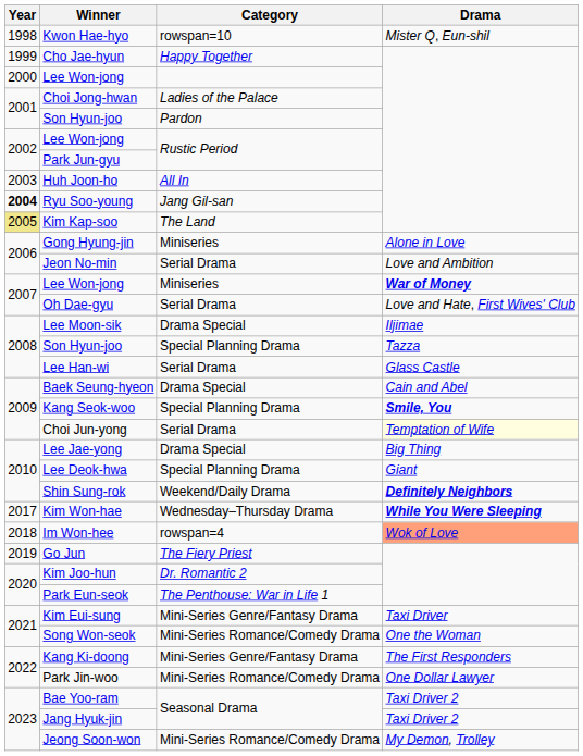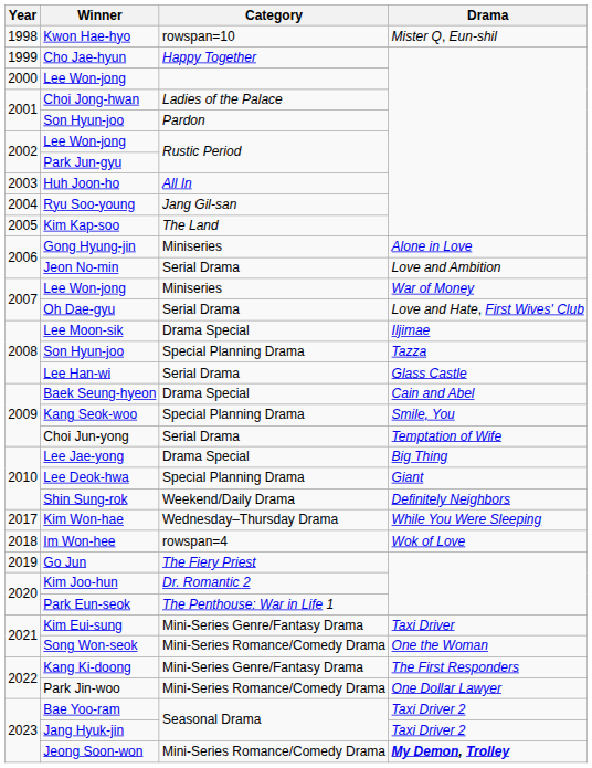 <table class="wikitable">
 <tr>
 <th width=10>Year</th>
 <th>Winner</th>
 <th>Category</th>
 <th>Drama</th>
 </tr>
 <tr>
 <td>1998</td>
 <td><a href='#'>Kwon Hae-hyo</a></td>
 <td>rowspan=10 </td>
 <td><em>Mister Q</em>, <em>Eun-shil</em></td>
 </tr>
 <tr>
 <td>1999</td>
 <td><a href='#'>Cho Jae-hyun</a></td>
 <td><em><a href='#'>Happy Together</a></em></td>
 </tr>
 <tr>
 <td>2000</td>
 <td><a href='#'>Lee Won-jong</a></td>
 <td></td>
 </tr>
 <tr>
 <td rowspan=2>2001</td>
 <td><a href='#'>Choi Jong-hwan</a></td>
 <td><em>Ladies of the Palace</em></td>
 </tr>
 <tr>
 <td><a href='#'>Son Hyun-joo</a></td>
 <td><em>Pardon</em></td>
 </tr>
 <tr>
 <td rowspan=2>2002</td>
 <td><a href='#'>Lee Won-jong</a></td>
 <td rowspan=2><em>Rustic Period</em></td>
 </tr>
 <tr>
 <td><a href='#'>Park Jun-gyu</a></td>
 </tr>
 <tr>
 <td>2003</td>
 <td><a href='#'>Huh Joon-ho</a></td>
 <td><em><a href='#'>All In</a></em></td>
 </tr>
 <tr>
-<td><strong>2004</strong></td>
+<td>2004</td>
 <td><a href='#'>Ryu Soo-young</a></td>
 <td><em>Jang Gil-san</em></td>
 </tr>
 <tr>
-<td style="background: khaki;">2005</td>
+<td>2005</td>
 <td><a href='#'>Kim Kap-soo</a></td>
 <td><em>The Land</em></td>
 </tr>
 <tr>
 <td rowspan=2>2006</td>
 <td><a href='#'>Gong Hyung-jin</a></td>
 <td>Miniseries</td>
 <td><em><a href='#'>Alone in Love</a></em></td>
 </tr>
 <tr>
 <td><a href='#'>Jeon No-min</a></td>
 <td>Serial Drama</td>
 <td><em>Love and Ambition</em></td>
 </tr>
 <tr>
 <td rowspan=2>2007</td>
 <td><a href='#'>Lee Won-jong</a></td>
 <td>Miniseries</td>
-<td><strong><em><a href='#'>War of Money</a></em></strong></td>
+<td><em><a href='#'>War of Money</a></em></td>
 </tr>
 <tr>
 <td><a href='#'>Oh Dae-gyu</a></td>
 <td>Serial Drama</td>
 <td><em>Love and Hate</em>, <em><a href='#'>First Wives' Club</a></em></td>
 </tr>
 <tr>
 <td rowspan=3>2008</td>
 <td><a href='#'>Lee Moon-sik</a></td>
 <td>Drama Special</td>
 <td><em><a href='#'>Iljimae</a></em></td>
 </tr>
 <tr>
 <td><a href='#'>Son Hyun-joo</a></td>
 <td>Special Planning Drama</td>
 <td><em><a href='#'>Tazza</a></em></td>
 </tr>
 <tr>
 <td><a href='#'>Lee Han-wi</a></td>
 <td>Serial Drama</td>
 <td><em><a href='#'>Glass Castle</a></em></td>
 </tr>
 <tr>
 <td rowspan=3>2009</td>
 <td><a href='#'>Baek Seung-hyeon</a></td>
 <td>Drama Special</td>
 <td><em><a href='#'>Cain and Abel</a></em></td>
 </tr>
 <tr>
 <td><a href='#'>Kang Seok-woo</a></td>
 <td>Special Planning Drama</td>
-<td><strong><em><a href='#'>Smile, You</a></em></strong></td>
+<td><em><a href='#'>Smile, You</a></em></td>
 </tr>
 <tr>
 <td>Choi Jun-yong</td>
 <td>Serial Drama</td>
-<td style="background: lightyellow;"><em><a href='#'>Temptation of Wife</a></em></td>
+<td><em><a href='#'>Temptation of Wife</a></em></td>
 </tr>
 <tr>
 <td rowspan=3>2010</td>
 <td><a href='#'>Lee Jae-yong</a></td>
 <td>Drama Special</td>
 <td><em><a href='#'>Big Thing</a></em></td>
 </tr>
 <tr>
 <td><a href='#'>Lee Deok-hwa</a></td>
 <td>Special Planning Drama</td>
 <td><em><a href='#'>Giant</a></em></td>
 </tr>
 <tr>
 <td><a href='#'>Shin Sung-rok</a></td>
 <td>Weekend/Daily Drama</td>
-<td><strong><em><a href='#'>Definitely Neighbors</a></em></strong></td>
+<td><em><a href='#'>Definitely Neighbors</a></em></td>
 </tr>
 <tr>
 <td>2017</td>
 <td><a href='#'>Kim Won-hae</a></td>
 <td>Wednesday–Thursday Drama</td>
-<td><strong><em><a href='#'>While You Were Sleeping</a></em></strong></td>
+<td><em><a href='#'>While You Were Sleeping</a></em></td>
 </tr>
 <tr>
 <td>2018</td>
 <td><a href='#'>Im Won-hee</a></td>
 <td>rowspan=4 </td>
-<td style="background: lightsalmon;"><em><a href='#'>Wok of Love</a></em></td>
+<td><em><a href='#'>Wok of Love</a></em></td>
 </tr>
 <tr>
 <td>2019</td>
 <td><a href='#'>Go Jun</a></td>
 <td><em><a href='#'>The Fiery Priest</a></em></td>
 </tr>
 <tr>
 <td rowspan=2>2020</td>
 <td><a href='#'>Kim Joo-hun</a></td>
 <td><em><a href='#'>Dr. Romantic 2</a></em></td>
 </tr>
 <tr>
 <td><a href='#'>Park Eun-seok</a></td>
 <td><em><a href='#'>The Penthouse: War in Life</a> 1</em></td>
 </tr>
 <tr>
 <td rowspan=2>2021</td>
 <td><a href='#'>Kim Eui-sung</a></td>
 <td>Mini-Series Genre/Fantasy Drama</td>
 <td><em><a href='#'>Taxi Driver</a></em></td>
 </tr>
 <tr>
 <td><a href='#'>Song Won-seok</a></td>
 <td>Mini-Series Romance/Comedy Drama</td>
 <td><em><a href='#'>One the Woman</a></em></td>
 </tr>
 <tr>
 <td rowspan=2>2022</td>
 <td><a href='#'>Kang Ki-doong</a></td>
 <td>Mini-Series Genre/Fantasy Drama</td>
 <td><em><a href='#'>The First Responders</a></em></td>
 </tr>
 <tr>
 <td>Park Jin-woo</td>
 <td>Mini-Series Romance/Comedy Drama</td>
 <td><em><a href='#'>One Dollar Lawyer</a></em></td>
 </tr>
 <tr>
 <td rowspan="3">2023</td>
 <td><a href='#'>Bae Yoo-ram</a></td>
 <td rowspan="2">Seasonal Drama</td>
 <td><em><a href='#'>Taxi Driver 2</a></em></td>
 </tr>
 <tr>
 <td><a href='#'>Jang Hyuk-jin</a></td>
 <td><em><a href='#'>Taxi Driver 2</a></em></td>
 </tr>
 <tr>
 <td><a href='#'>Jeong Soon-won</a></td>
 <td>Mini-Series Romance/Comedy Drama</td>
-<td><em><a href='#'>My Demon</a>, <a href='#'>Trolley</a></em></td>
+<td><strong><em><a href='#'>My Demon</a>, <a href='#'>Trolley</a></em></strong></td>
 </tr>
 </table>
